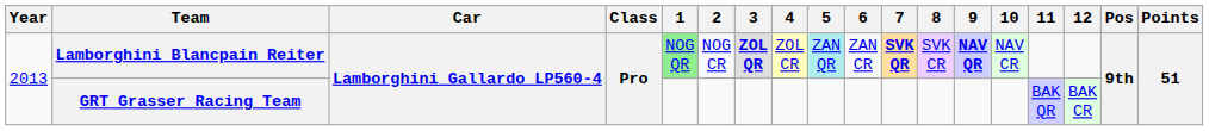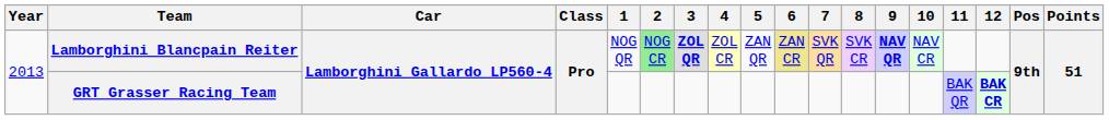 <table class="wikitable" border="1" style="text-align:center; font-size:90%;">
 <tr>
 <th>Year</th>
 <th>Team</th>
 <th>Car</th>
 <th>Class</th>
 <th>1</th>
 <th>2</th>
 <th>3</th>
 <th>4</th>
 <th>5</th>
 <th>6</th>
 <th>7</th>
 <th>8</th>
 <th>9</th>
 <th>10</th>
 <th>11</th>
 <th>12</th>
 <th>Pos</th>
 <th>Points</th>
 </tr>
 <tr>
 <td rowspan=2><a href='#'>2013</a></td>
 <th><a href='#'>Lamborghini Blancpain Reiter</a></th>
 <th rowspan=2><a href='#'>Lamborghini Gallardo LP560-4</a></th>
 <th rowspan=2>Pro</th>
-<td style="background: lightgreen;"><a href='#'>NOG<br>QR</a></td>
-<td><a href='#'>NOG<br>CR</a></td>
+<td><a href='#'>NOG<br>QR</a></td>
+<td style="background: lightgreen;"><a href='#'>NOG<br>CR</a></td>
 <td style="background:#DFDFDF;"><strong><a href='#'>ZOL<br>QR</a></strong><br></td>
 <td style="background:#FFFFBF;"><a href='#'>ZOL<br>CR</a><br></td>
-<td style="background: paleturquoise;"><a href='#'>ZAN<br>QR</a></td>
-<td><a href='#'>ZAN<br>CR</a></td>
-<td style="background:#FFDF9F;"><strong><a href='#'>SVK<br>QR</a><br></strong></td>
+<td><a href='#'>ZAN<br>QR</a></td>
+<td style="background: khaki;"><a href='#'>ZAN<br>CR</a></td>
+<td style="background:#FFDF9F;"><a href='#'>SVK<br>QR</a><br></td>
 <td style="background:#EFCFFF;"><a href='#'>SVK<br>CR</a><br></td>
 <td style="background:#CFCFFF;"><strong><a href='#'>NAV<br>QR</a></strong><br></td>
 <td style="background:#DFFFDF;"><a href='#'>NAV<br>CR</a><br></td>
 <td></td>
 <td></td>
 <th rowspan=2>9th</th>
 <th rowspan=2>51</th>
 </tr>
 <tr>
 <th><a href='#'>GRT Grasser Racing Team</a></th>
 <td></td>
 <td></td>
 <td></td>
 <td></td>
 <td></td>
 <td></td>
 <td></td>
 <td></td>
 <td></td>
 <td></td>
 <td style="background:#CFCFFF;"><a href='#'>BAK<br>QR</a><br></td>
-<td style="background:#DFFFDF;"><a href='#'>BAK<br>CR</a><br></td>
+<td style="background:#DFFFDF;"><strong><a href='#'>BAK<br>CR</a><br></strong></td>
 </tr>
 </table>
